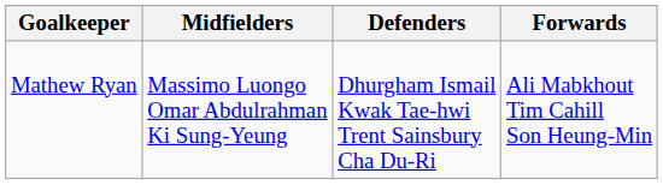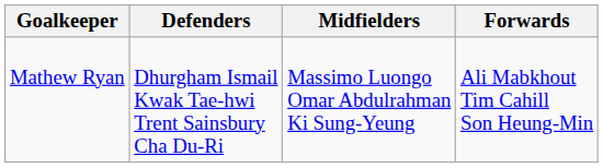 <table class="wikitable">
 <tr>
 <th>Goalkeeper</th>
+<th>Defenders</th>
 <th>Midfielders</th>
-<th>Defenders</th>
 <th>Forwards</th>
 </tr>
 <tr>
 <td valign=top><br> <a href='#'>Mathew Ryan</a></td>
+<td valign=top><br> <a href='#'>Dhurgham Ismail</a><br>  <a href='#'>Kwak Tae-hwi</a><br>  <a href='#'>Trent Sainsbury</a><br>  <a href='#'>Cha Du-Ri</a></td>
 <td valign=top><br> <a href='#'>Massimo Luongo</a><br>  <a href='#'>Omar Abdulrahman</a><br>  <a href='#'>Ki Sung-Yeung</a></td>
-<td valign=top><br> <a href='#'>Dhurgham Ismail</a><br>  <a href='#'>Kwak Tae-hwi</a><br>  <a href='#'>Trent Sainsbury</a><br>  <a href='#'>Cha Du-Ri</a></td>
 <td valign=top><br> <a href='#'>Ali Mabkhout</a><br>  <a href='#'>Tim Cahill</a><br>  <a href='#'>Son Heung-Min</a></td>
 </tr>
 </table>
